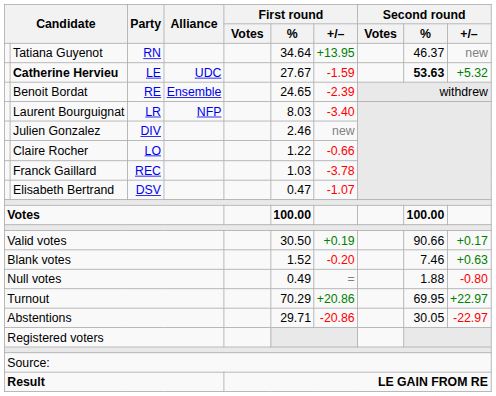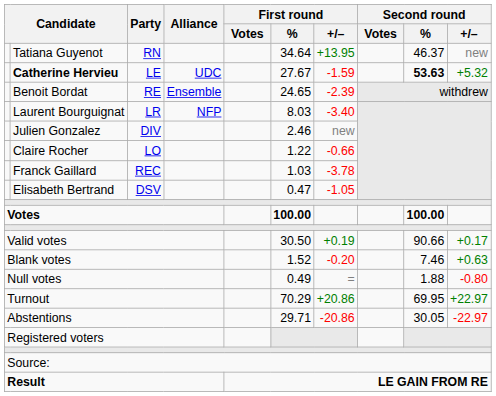 <table class="wikitable" style="text-align:right;font-size:95%;">
 <tr>
 <th rowspan="2" colspan="2">Candidate</th>
 <th colspan="1" rowspan="2">Party</th>
 <th colspan="1" rowspan="2">Alliance</th>
 <th colspan="3">First round</th>
 <th colspan="3">Second round</th>
 </tr>
 <tr>
 <th style="width:50px;">Votes</th>
 <th style="width:45px;">%</th>
 <th style="width:45px;">+/–</th>
 <th style="width:50px;">Votes</th>
 <th style="width:45px;">%</th>
 <th style="width:45px;">+/–</th>
 </tr>
 <tr>
 <td style="color:inherit;background:"></td>
 <td style="text-align:left;">Tatiana Guyenot</td>
 <td><a href='#'>RN</a></td>
 <td></td>
 <td></td>
 <td>34.64</td>
 <td style="color:green;">+13.95</td>
 <td></td>
 <td>46.37</td>
 <td style="color:grey;">new</td>
 </tr>
 <tr>
 <td style="color:inherit;background:"></td>
 <td style="text-align:left;"><strong>Catherine Hervieu</strong></td>
 <td><a href='#'>LE</a></td>
 <td><a href='#'>UDC</a></td>
 <td></td>
 <td>27.67</td>
 <td style="color:red;">-1.59</td>
 <td><strong></strong></td>
 <td><strong>53.63</strong></td>
 <td style="color:green;">+5.32</td>
 </tr>
 <tr>
 <td style="color:inherit;background:"></td>
 <td style="text-align:left;">Benoit Bordat</td>
 <td><a href='#'>RE</a></td>
 <td><a href='#'>Ensemble</a></td>
 <td></td>
 <td>24.65</td>
 <td style="color:red;">-2.39</td>
 <td colspan="3" style="background:#E9E9E9;">withdrew</td>
 </tr>
 <tr>
 <td style="color:inherit;background:"></td>
 <td style="text-align:left;">Laurent Bourguignat</td>
 <td><a href='#'>LR</a></td>
 <td><a href='#'>NFP</a></td>
 <td></td>
 <td>8.03</td>
 <td style="color:red;">-3.40</td>
 <td colspan="3" rowspan="5" style="background:#E9E9E9;"></td>
 </tr>
 <tr>
 <td style="color:inherit;background:"></td>
 <td style="text-align:left;">Julien Gonzalez</td>
 <td><a href='#'>DIV</a></td>
 <td></td>
 <td></td>
 <td>2.46</td>
 <td style="color:grey;">new</td>
 </tr>
 <tr>
 <td style="color:inherit;background:"></td>
 <td style="text-align:left;">Claire Rocher</td>
 <td><a href='#'>LO</a></td>
 <td></td>
 <td></td>
 <td>1.22</td>
 <td style="color:red;">-0.66</td>
 </tr>
 <tr>
 <td style="color:inherit;background:"></td>
 <td style="text-align:left;">Franck Gaillard</td>
 <td><a href='#'>REC</a></td>
 <td></td>
 <td></td>
 <td>1.03</td>
 <td style="color:red;">-3.78</td>
 </tr>
 <tr>
 <td style="color:inherit;background:"></td>
 <td style="text-align:left;">Elisabeth Bertrand</td>
 <td><a href='#'>DSV</a></td>
 <td></td>
 <td></td>
 <td>0.47</td>
-<td style="color:red;">-1.07</td>
+<td style="color:red;">-1.05</td>
 </tr>
 <tr>
 <td colspan="10" style="background:#E9E9E9;"></td>
 </tr>
 <tr style="font-weight:bold;">
 <td colspan="4" style="text-align:left;">Votes</td>
 <td></td>
 <td>100.00</td>
 <td></td>
 <td></td>
 <td>100.00</td>
 <td></td>
 </tr>
 <tr>
 <td colspan="10" style="background:#E9E9E9;"></td>
 </tr>
 <tr>
 <td colspan="4" style="text-align:left;">Valid votes</td>
 <td></td>
 <td>30.50</td>
 <td style="color:green;">+0.19</td>
 <td></td>
 <td>90.66</td>
 <td style="color:green;">+0.17</td>
 </tr>
 <tr>
 <td colspan="4" style="text-align:left;">Blank votes</td>
 <td></td>
 <td>1.52</td>
 <td style="color:red;">-0.20</td>
 <td></td>
 <td>7.46</td>
 <td style="color:green;">+0.63</td>
 </tr>
 <tr>
 <td colspan="4" style="text-align:left;">Null votes</td>
 <td></td>
 <td>0.49</td>
 <td style="color:grey;">=</td>
 <td></td>
 <td>1.88</td>
 <td style="color:red;">-0.80</td>
 </tr>
 <tr>
 <td colspan="4" style="text-align:left;">Turnout</td>
 <td></td>
 <td>70.29</td>
 <td style="color:green;">+20.86</td>
 <td></td>
 <td>69.95</td>
 <td style="color:green;">+22.97</td>
 </tr>
 <tr>
 <td colspan="4" style="text-align:left;">Abstentions</td>
 <td></td>
 <td>29.71</td>
 <td style="color:red;">-20.86</td>
 <td></td>
 <td>30.05</td>
 <td style="color:red;">-22.97</td>
 </tr>
 <tr>
 <td colspan="4" style="text-align:left;">Registered voters</td>
 <td></td>
 <td colspan="2" style="background:#E9E9E9;"></td>
 <td></td>
 <td colspan="2" style="background:#E9E9E9;"></td>
 </tr>
 <tr>
 <td colspan="10" style="background:#E9E9E9;"></td>
 </tr>
 <tr>
 <td colspan="10" style="text-align:left;">Source: </td>
 </tr>
 <tr style="font-weight:bold">
 <td colspan="4" style="text-align:left;">Result</td>
 <td colspan="6" style="background-color:">LE GAIN FROM RE</td>
 </tr>
 </table>
